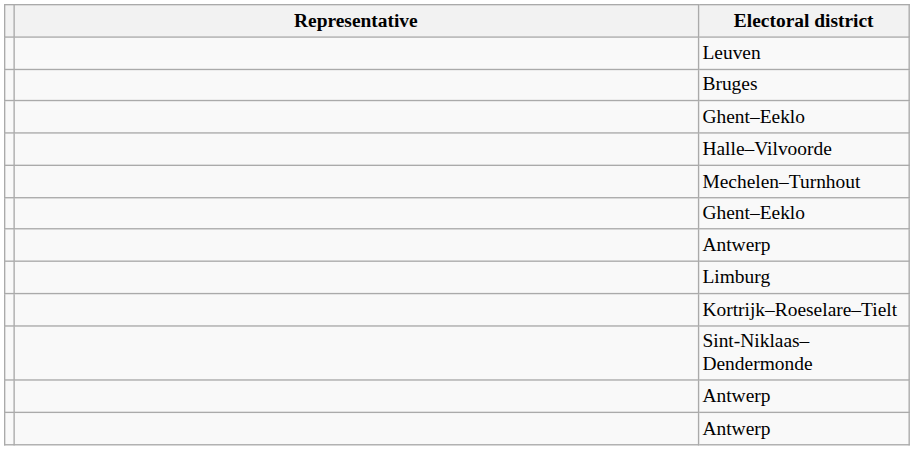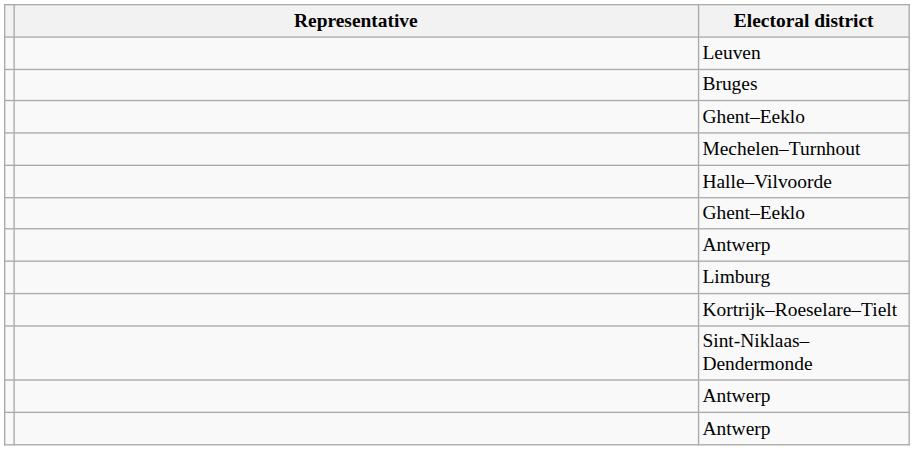 <table class="sortable wikitable" style="text-align:left; font-size:90%;">
 <tr>
 <th></th>
 <th width="500">Representative</th>
 <th width="150">Electoral district</th>
 </tr>
 <tr>
 <td></td>
 <td align=left></td>
 <td>Leuven</td>
 </tr>
 <tr>
 <td></td>
 <td align=left></td>
 <td>Bruges</td>
 </tr>
 <tr>
 <td></td>
 <td align=left></td>
 <td>Ghent–Eeklo</td>
 </tr>
 <tr>
 <td></td>
 <td align=left></td>
-<td>Halle–Vilvoorde</td>
+<td>Mechelen–Turnhout</td>
 </tr>
 <tr>
 <td></td>
 <td align=left></td>
-<td>Mechelen–Turnhout</td>
+<td>Halle–Vilvoorde</td>
 </tr>
 <tr>
 <td></td>
 <td align=left></td>
 <td>Ghent–Eeklo</td>
 </tr>
 <tr>
 <td></td>
 <td align=left></td>
 <td>Antwerp</td>
 </tr>
 <tr>
 <td></td>
 <td align=left></td>
 <td>Limburg</td>
 </tr>
 <tr>
 <td></td>
 <td align=left></td>
 <td>Kortrijk–Roeselare–Tielt</td>
 </tr>
 <tr>
 <td></td>
 <td align=left></td>
 <td>Sint-Niklaas–Dendermonde</td>
 </tr>
 <tr>
 <td></td>
 <td align=left></td>
 <td>Antwerp</td>
 </tr>
 <tr>
 <td></td>
 <td align=left></td>
 <td>Antwerp</td>
 </tr>
 </table>
